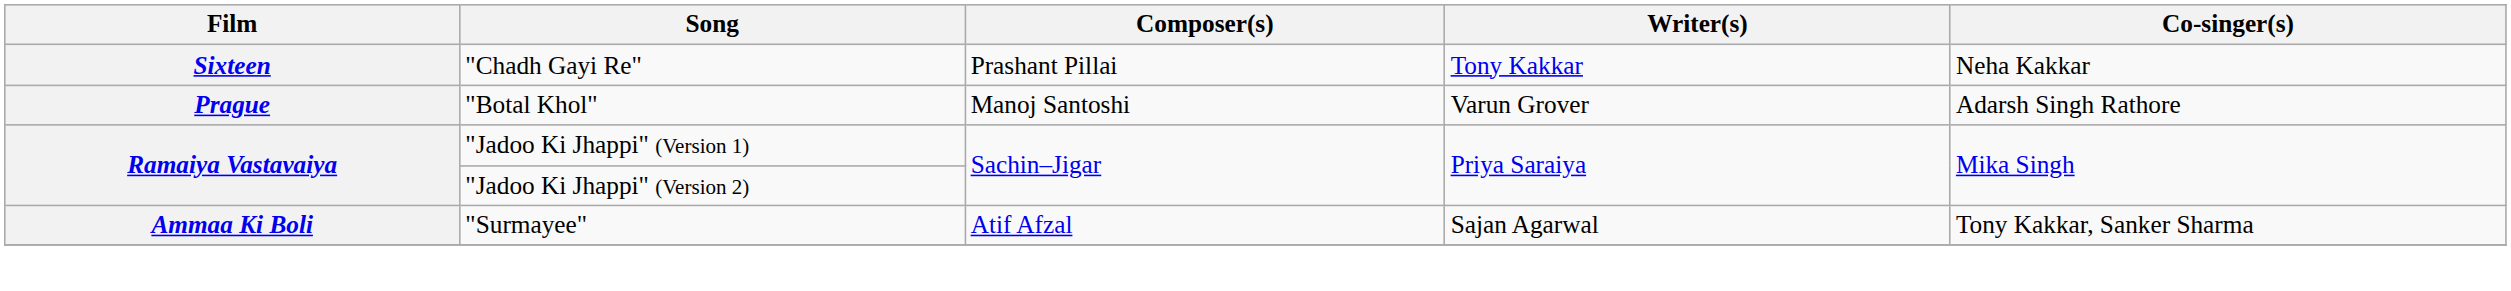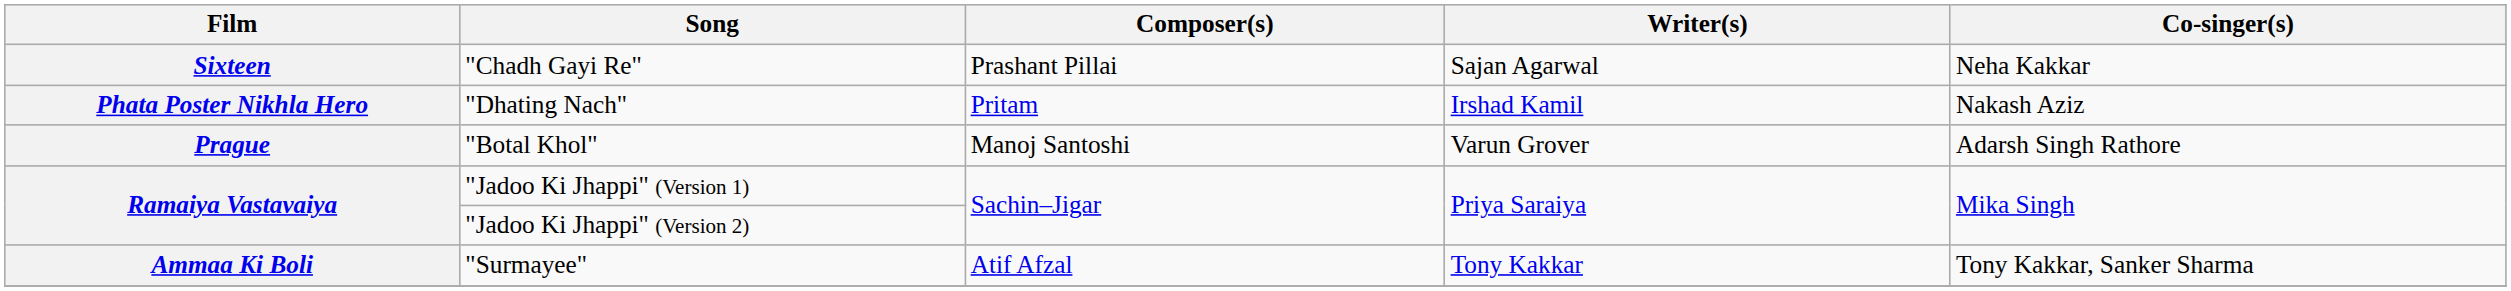 <table class="wikitable plainrowheaders" width="100%">
 <tr>
 <th width=18%>Film</th>
 <th width=20%>Song</th>
 <th width=19%>Composer(s)</th>
 <th width=20%>Writer(s)</th>
 <th width=22%0>Co-singer(s)</th>
 </tr>
 <tr>
 <th scope=row><em><a href='#'>Sixteen</a></em></th>
 <td>"Chadh Gayi Re" </td>
 <td>Prashant Pillai</td>
-<td><a href='#'>Tony Kakkar</a></td>
+<td>Sajan Agarwal</td>
 <td>Neha Kakkar</td>
+</tr>
+<tr>
+<th scope=row><em><a href='#'>Phata Poster Nikhla Hero</a></em></th>
+<td>"Dhating Nach"</td>
+<td><a href='#'>Pritam</a></td>
+<td><a href='#'>Irshad Kamil</a></td>
+<td>Nakash Aziz</td>
 </tr>
 <tr>
 <th scope=row><em><a href='#'>Prague</a></em></th>
 <td>"Botal Khol"</td>
 <td>Manoj Santoshi</td>
 <td>Varun Grover</td>
 <td>Adarsh Singh Rathore</td>
 </tr>
 <tr>
 <th scope=row rowspan="2"><em><a href='#'>Ramaiya Vastavaiya</a></em></th>
 <td>"Jadoo Ki Jhappi" <small>(Version 1)</small></td>
 <td rowspan="2"><a href='#'>Sachin–Jigar</a></td>
 <td rowspan="2"><a href='#'>Priya Saraiya</a></td>
 <td rowspan="2"><a href='#'>Mika Singh</a></td>
 </tr>
 <tr>
 <td>"Jadoo Ki Jhappi" <small>(Version 2)</small></td>
 </tr>
 <tr>
 <th scope=row><em><a href='#'>Ammaa Ki Boli</a></em></th>
 <td>"Surmayee"</td>
 <td><a href='#'>Atif Afzal</a></td>
-<td>Sajan Agarwal</td>
+<td><a href='#'>Tony Kakkar</a></td>
 <td>Tony Kakkar, Sanker Sharma</td>
 </tr>
 <tr>
 </tr>
 </table>
